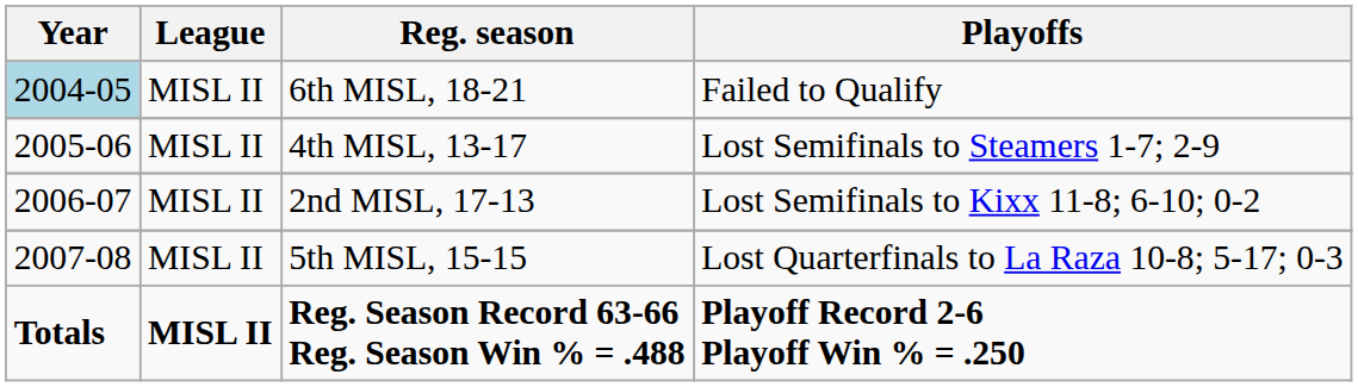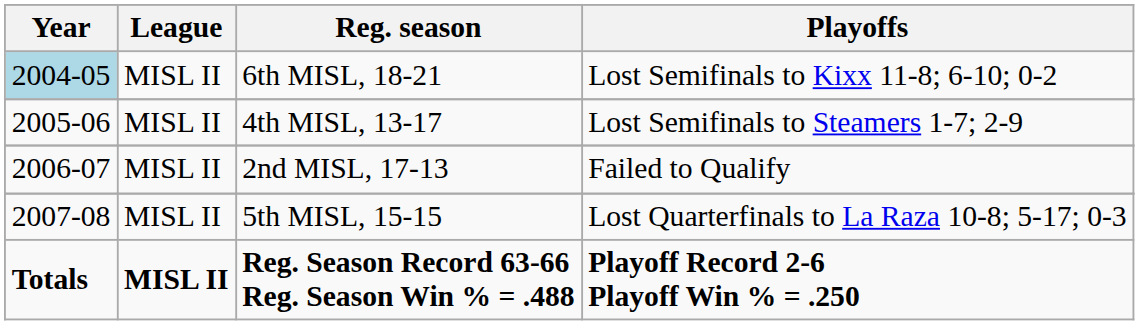 <table class="wikitable">
 <tr>
 <th>Year</th>
 <th>League</th>
 <th>Reg. season</th>
 <th>Playoffs</th>
 </tr>
 <tr>
 <td style="background: lightblue;">2004-05</td>
 <td>MISL II</td>
 <td>6th MISL, 18-21</td>
-<td>Failed to Qualify</td>
+<td>Lost Semifinals to <a href='#'>Kixx</a> 11-8; 6-10; 0-2</td>
 </tr>
 <tr>
 </tr>
 <tr>
 <td>2005-06</td>
 <td>MISL II</td>
 <td>4th MISL, 13-17</td>
 <td>Lost Semifinals to <a href='#'>Steamers</a> 1-7; 2-9</td>
 </tr>
 <tr>
 </tr>
 <tr>
 <td>2006-07</td>
 <td>MISL II</td>
 <td>2nd MISL, 17-13</td>
-<td>Lost Semifinals to <a href='#'>Kixx</a> 11-8; 6-10; 0-2</td>
+<td>Failed to Qualify</td>
 </tr>
 <tr>
 </tr>
 <tr>
 <td>2007-08</td>
 <td>MISL II</td>
 <td>5th MISL, 15-15</td>
 <td>Lost Quarterfinals to <a href='#'>La Raza</a> 10-8; 5-17; 0-3</td>
 </tr>
 <tr>
 <td><strong>Totals</strong></td>
 <td><strong>MISL II</strong></td>
 <td><strong>Reg. Season Record   63-66</strong><br><strong>Reg. Season Win % = .488</strong></td>
 <td><strong>Playoff Record   2-6</strong> <br> <strong>Playoff Win % = .250</strong></td>
 </tr>
 </table>
